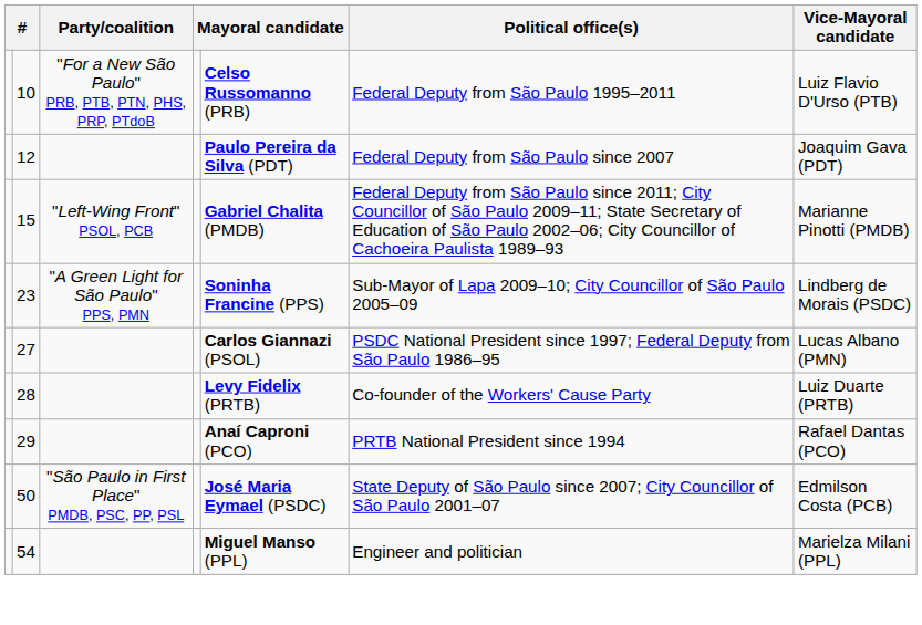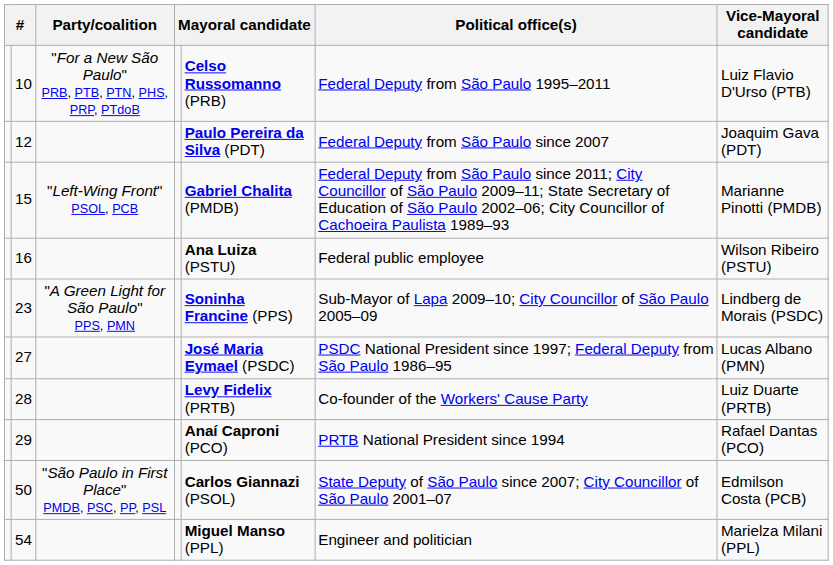 <table class="wikitable">
 <tr>
 <th colspan=2>#</th>
 <th>Party/coalition</th>
 <th colspan=2>Mayoral candidate</th>
 <th>Political office(s)</th>
 <th>Vice-Mayoral candidate</th>
 </tr>
 <tr>
 <td style="background:"></td>
 <td>10</td>
 <td style="text-align:center;">"<em>For a New São Paulo</em>"<br><small><a href='#'>PRB</a>, <a href='#'>PTB</a>, <a href='#'>PTN</a>, <a href='#'>PHS</a>, <a href='#'>PRP</a>, <a href='#'>PTdoB</a></small></td>
 <td></td>
 <td><strong><a href='#'>Celso Russomanno</a></strong> (PRB)</td>
 <td><a href='#'>Federal Deputy</a> from <a href='#'>São Paulo</a> 1995–2011</td>
 <td>Luiz Flavio D'Urso (PTB)</td>
 </tr>
 <tr>
 <td style="background:"></td>
 <td>12</td>
 <td></td>
 <td></td>
 <td><strong><a href='#'>Paulo Pereira da Silva</a></strong> (PDT)</td>
 <td><a href='#'>Federal Deputy</a> from <a href='#'>São Paulo</a> since 2007</td>
 <td>Joaquim Gava (PDT)</td>
 </tr>
 <tr>
 <td style="background:"></td>
 <td>15</td>
 <td style="text-align:center;">"<em>Left-Wing Front</em>"<br><small><a href='#'>PSOL</a>, <a href='#'>PCB</a></small></td>
 <td></td>
 <td><strong><a href='#'>Gabriel Chalita</a></strong> (PMDB)</td>
 <td><a href='#'>Federal Deputy</a> from <a href='#'>São Paulo</a> since 2011; <a href='#'>City Councillor</a> of <a href='#'>São Paulo</a> 2009–11; State Secretary of Education of <a href='#'>São Paulo</a> 2002–06; City Councillor of <a href='#'>Cachoeira Paulista</a> 1989–93</td>
 <td>Marianne Pinotti (PMDB)</td>
 </tr>
 <tr>
 <td style="background:"></td>
+<td>16</td>
+<td></td>
+<td></td>
+<td><strong>Ana Luiza</strong> (PSTU)</td>
+<td>Federal public employee</td>
+<td>Wilson Ribeiro (PSTU)</td>
+</tr>
+<tr>
+<td style="background:"></td>
 <td>23</td>
 <td style="text-align:center;">"<em>A Green Light for São Paulo</em>"<br><small><a href='#'>PPS</a>, <a href='#'>PMN</a></small></td>
 <td></td>
 <td><strong><a href='#'>Soninha Francine</a></strong> (PPS)</td>
 <td>Sub-Mayor of <a href='#'>Lapa</a> 2009–10; <a href='#'>City Councillor</a> of <a href='#'>São Paulo</a> 2005–09</td>
 <td>Lindberg de Morais (PSDC)</td>
 </tr>
 <tr>
 <td style="background:"></td>
 <td>27</td>
 <td></td>
 <td></td>
-<td><strong>Carlos Giannazi</strong> (PSOL)</td>
+<td><strong><a href='#'>José Maria Eymael</a></strong> (PSDC)</td>
 <td><a href='#'>PSDC</a> National President since 1997; <a href='#'>Federal Deputy</a> from <a href='#'>São Paulo</a> 1986–95</td>
 <td>Lucas Albano (PMN)</td>
 </tr>
 <tr>
 <td style="background:"></td>
 <td>28</td>
 <td></td>
 <td></td>
 <td><strong><a href='#'>Levy Fidelix</a></strong> (PRTB)</td>
 <td>Co-founder of the <a href='#'>Workers' Cause Party</a></td>
 <td>Luiz Duarte (PRTB)</td>
 </tr>
 <tr>
 <td style="background:"></td>
 <td>29</td>
 <td></td>
 <td></td>
 <td><strong>Anaí Caproni</strong> (PCO)</td>
 <td><a href='#'>PRTB</a> National President since 1994</td>
 <td>Rafael Dantas (PCO)</td>
 </tr>
 <tr>
 <td style="background:"></td>
 <td>50</td>
 <td style="text-align:center;">"<em>São Paulo in First Place</em>"<br><small><a href='#'>PMDB</a>, <a href='#'>PSC</a>, <a href='#'>PP</a>, <a href='#'>PSL</a></small></td>
 <td></td>
-<td><strong><a href='#'>José Maria Eymael</a></strong> (PSDC)</td>
+<td><strong>Carlos Giannazi</strong> (PSOL)</td>
 <td><a href='#'>State Deputy</a> of <a href='#'>São Paulo</a> since 2007; <a href='#'>City Councillor</a> of <a href='#'>São Paulo</a> 2001–07</td>
 <td>Edmilson Costa (PCB)</td>
 </tr>
 <tr>
 <td style="background:"></td>
 <td>54</td>
 <td></td>
 <td></td>
 <td><strong>Miguel Manso</strong> (PPL)</td>
 <td>Engineer and politician</td>
 <td>Marielza Milani (PPL)</td>
 </tr>
 </table>
